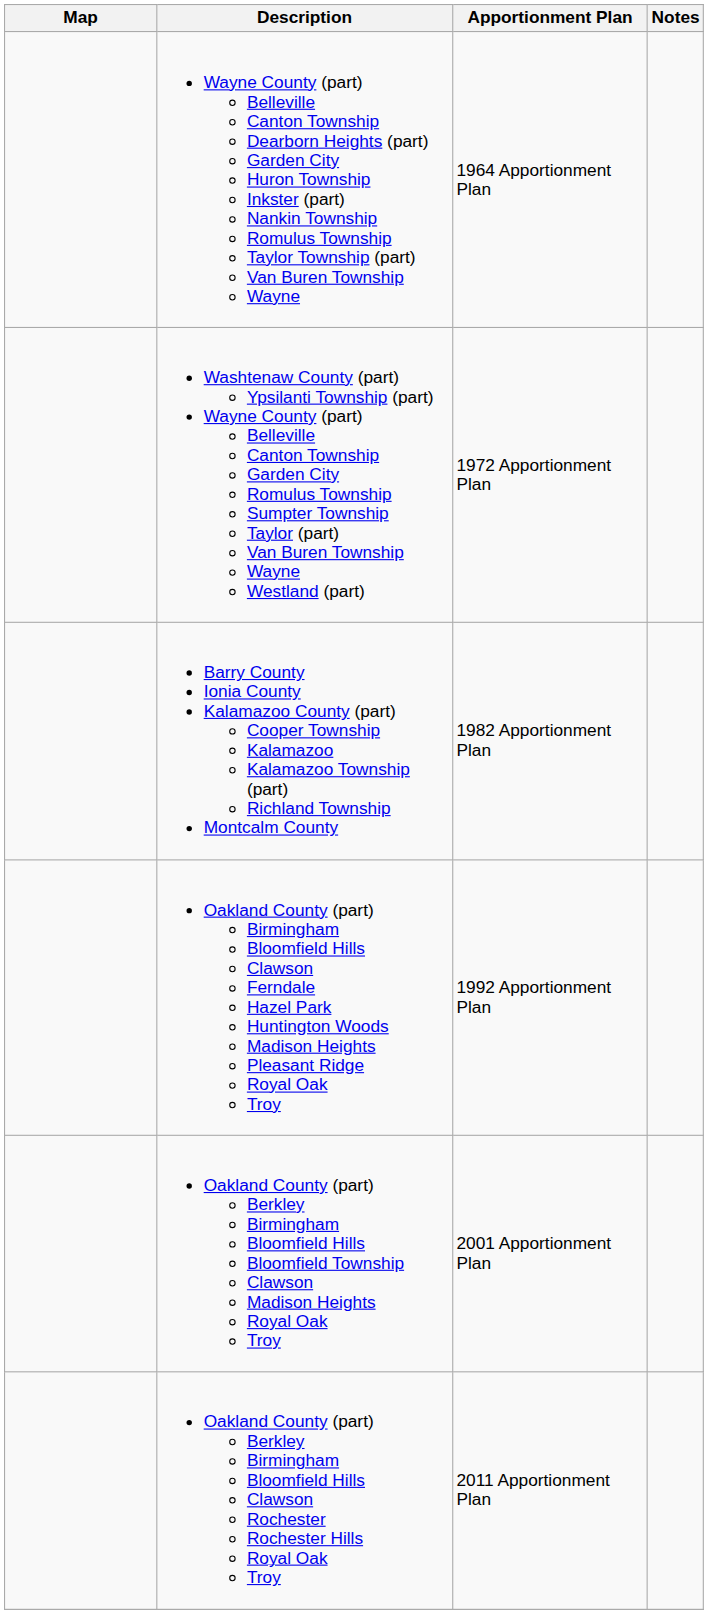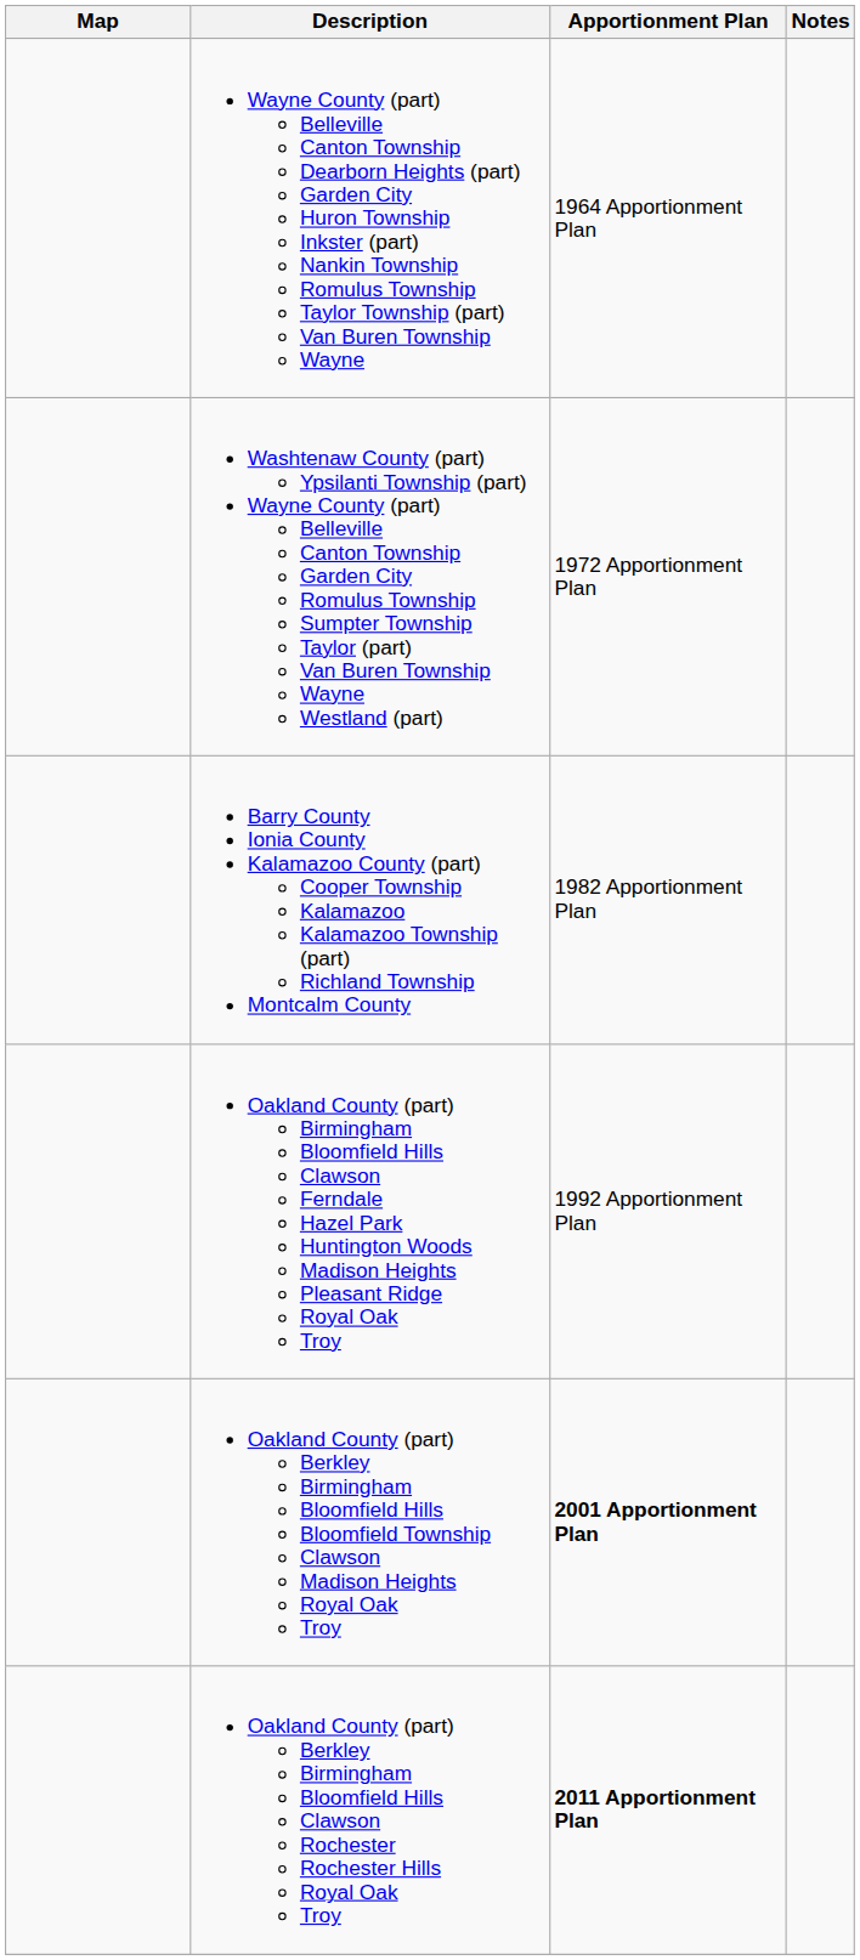 <table class="wikitable sortable">
 <tr>
 <th style="width:100pt;">Map</th>
 <th style="width:200pt;">Description</th>
 <th style="width:130pt;">Apportionment Plan</th>
 <th style="width:15pt;">Notes</th>
 </tr>
 <tr>
 <td></td>
 <td><br><ul><li><a href='#'>Wayne County</a> (part)<ul><li><a href='#'>Belleville</a></li><li><a href='#'>Canton Township</a></li><li><a href='#'>Dearborn Heights</a> (part)</li><li><a href='#'>Garden City</a></li><li><a href='#'>Huron Township</a></li><li><a href='#'>Inkster</a> (part)</li><li><a href='#'>Nankin Township</a></li><li><a href='#'>Romulus Township</a></li><li><a href='#'>Taylor Township</a> (part)</li><li><a href='#'>Van Buren Township</a></li><li><a href='#'>Wayne</a></li></ul></li></ul></td>
 <td>1964 Apportionment Plan</td>
 <td></td>
 </tr>
 <tr>
 <td></td>
 <td><br><ul><li><a href='#'>Washtenaw County</a> (part)<ul><li><a href='#'>Ypsilanti Township</a> (part)</li></ul></li><li><a href='#'>Wayne County</a> (part)<ul><li><a href='#'>Belleville</a></li><li><a href='#'>Canton Township</a></li><li><a href='#'>Garden City</a></li><li><a href='#'>Romulus Township</a></li><li><a href='#'>Sumpter Township</a></li><li><a href='#'>Taylor</a> (part)</li><li><a href='#'>Van Buren Township</a></li><li><a href='#'>Wayne</a></li><li><a href='#'>Westland</a> (part)</li></ul></li></ul></td>
 <td>1972 Apportionment Plan</td>
 <td></td>
 </tr>
 <tr>
 <td></td>
 <td><br><ul><li><a href='#'>Barry County</a></li><li><a href='#'>Ionia County</a></li><li><a href='#'>Kalamazoo County</a> (part)<ul><li><a href='#'>Cooper Township</a></li><li><a href='#'>Kalamazoo</a></li><li><a href='#'>Kalamazoo Township</a> (part)</li><li><a href='#'>Richland Township</a></li></ul></li><li><a href='#'>Montcalm County</a></li></ul></td>
 <td>1982 Apportionment Plan</td>
 <td></td>
 </tr>
 <tr>
 <td></td>
 <td><br><ul><li><a href='#'>Oakland County</a> (part)<ul><li><a href='#'>Birmingham</a></li><li><a href='#'>Bloomfield Hills</a></li><li><a href='#'>Clawson</a></li><li><a href='#'>Ferndale</a></li><li><a href='#'>Hazel Park</a></li><li><a href='#'>Huntington Woods</a></li><li><a href='#'>Madison Heights</a></li><li><a href='#'>Pleasant Ridge</a></li><li><a href='#'>Royal Oak</a></li><li><a href='#'>Troy</a></li></ul></li></ul></td>
 <td>1992 Apportionment Plan</td>
 <td></td>
 </tr>
 <tr>
 <td></td>
 <td><br><ul><li><a href='#'>Oakland County</a> (part)<ul><li><a href='#'>Berkley</a></li><li><a href='#'>Birmingham</a></li><li><a href='#'>Bloomfield Hills</a></li><li><a href='#'>Bloomfield Township</a></li><li><a href='#'>Clawson</a></li><li><a href='#'>Madison Heights</a></li><li><a href='#'>Royal Oak</a></li><li><a href='#'>Troy</a></li></ul></li></ul></td>
-<td>2001 Apportionment Plan</td>
+<td><strong>2001 Apportionment Plan</strong></td>
 <td></td>
 </tr>
 <tr>
 <td></td>
 <td><br><ul><li><a href='#'>Oakland County</a> (part)<ul><li><a href='#'>Berkley</a></li><li><a href='#'>Birmingham</a></li><li><a href='#'>Bloomfield Hills</a></li><li><a href='#'>Clawson</a></li><li><a href='#'>Rochester</a></li><li><a href='#'>Rochester Hills</a></li><li><a href='#'>Royal Oak</a></li><li><a href='#'>Troy</a></li></ul></li></ul></td>
-<td>2011 Apportionment Plan</td>
+<td><strong>2011 Apportionment Plan</strong></td>
 <td></td>
 </tr>
 <tr>
 </tr>
 </table>
